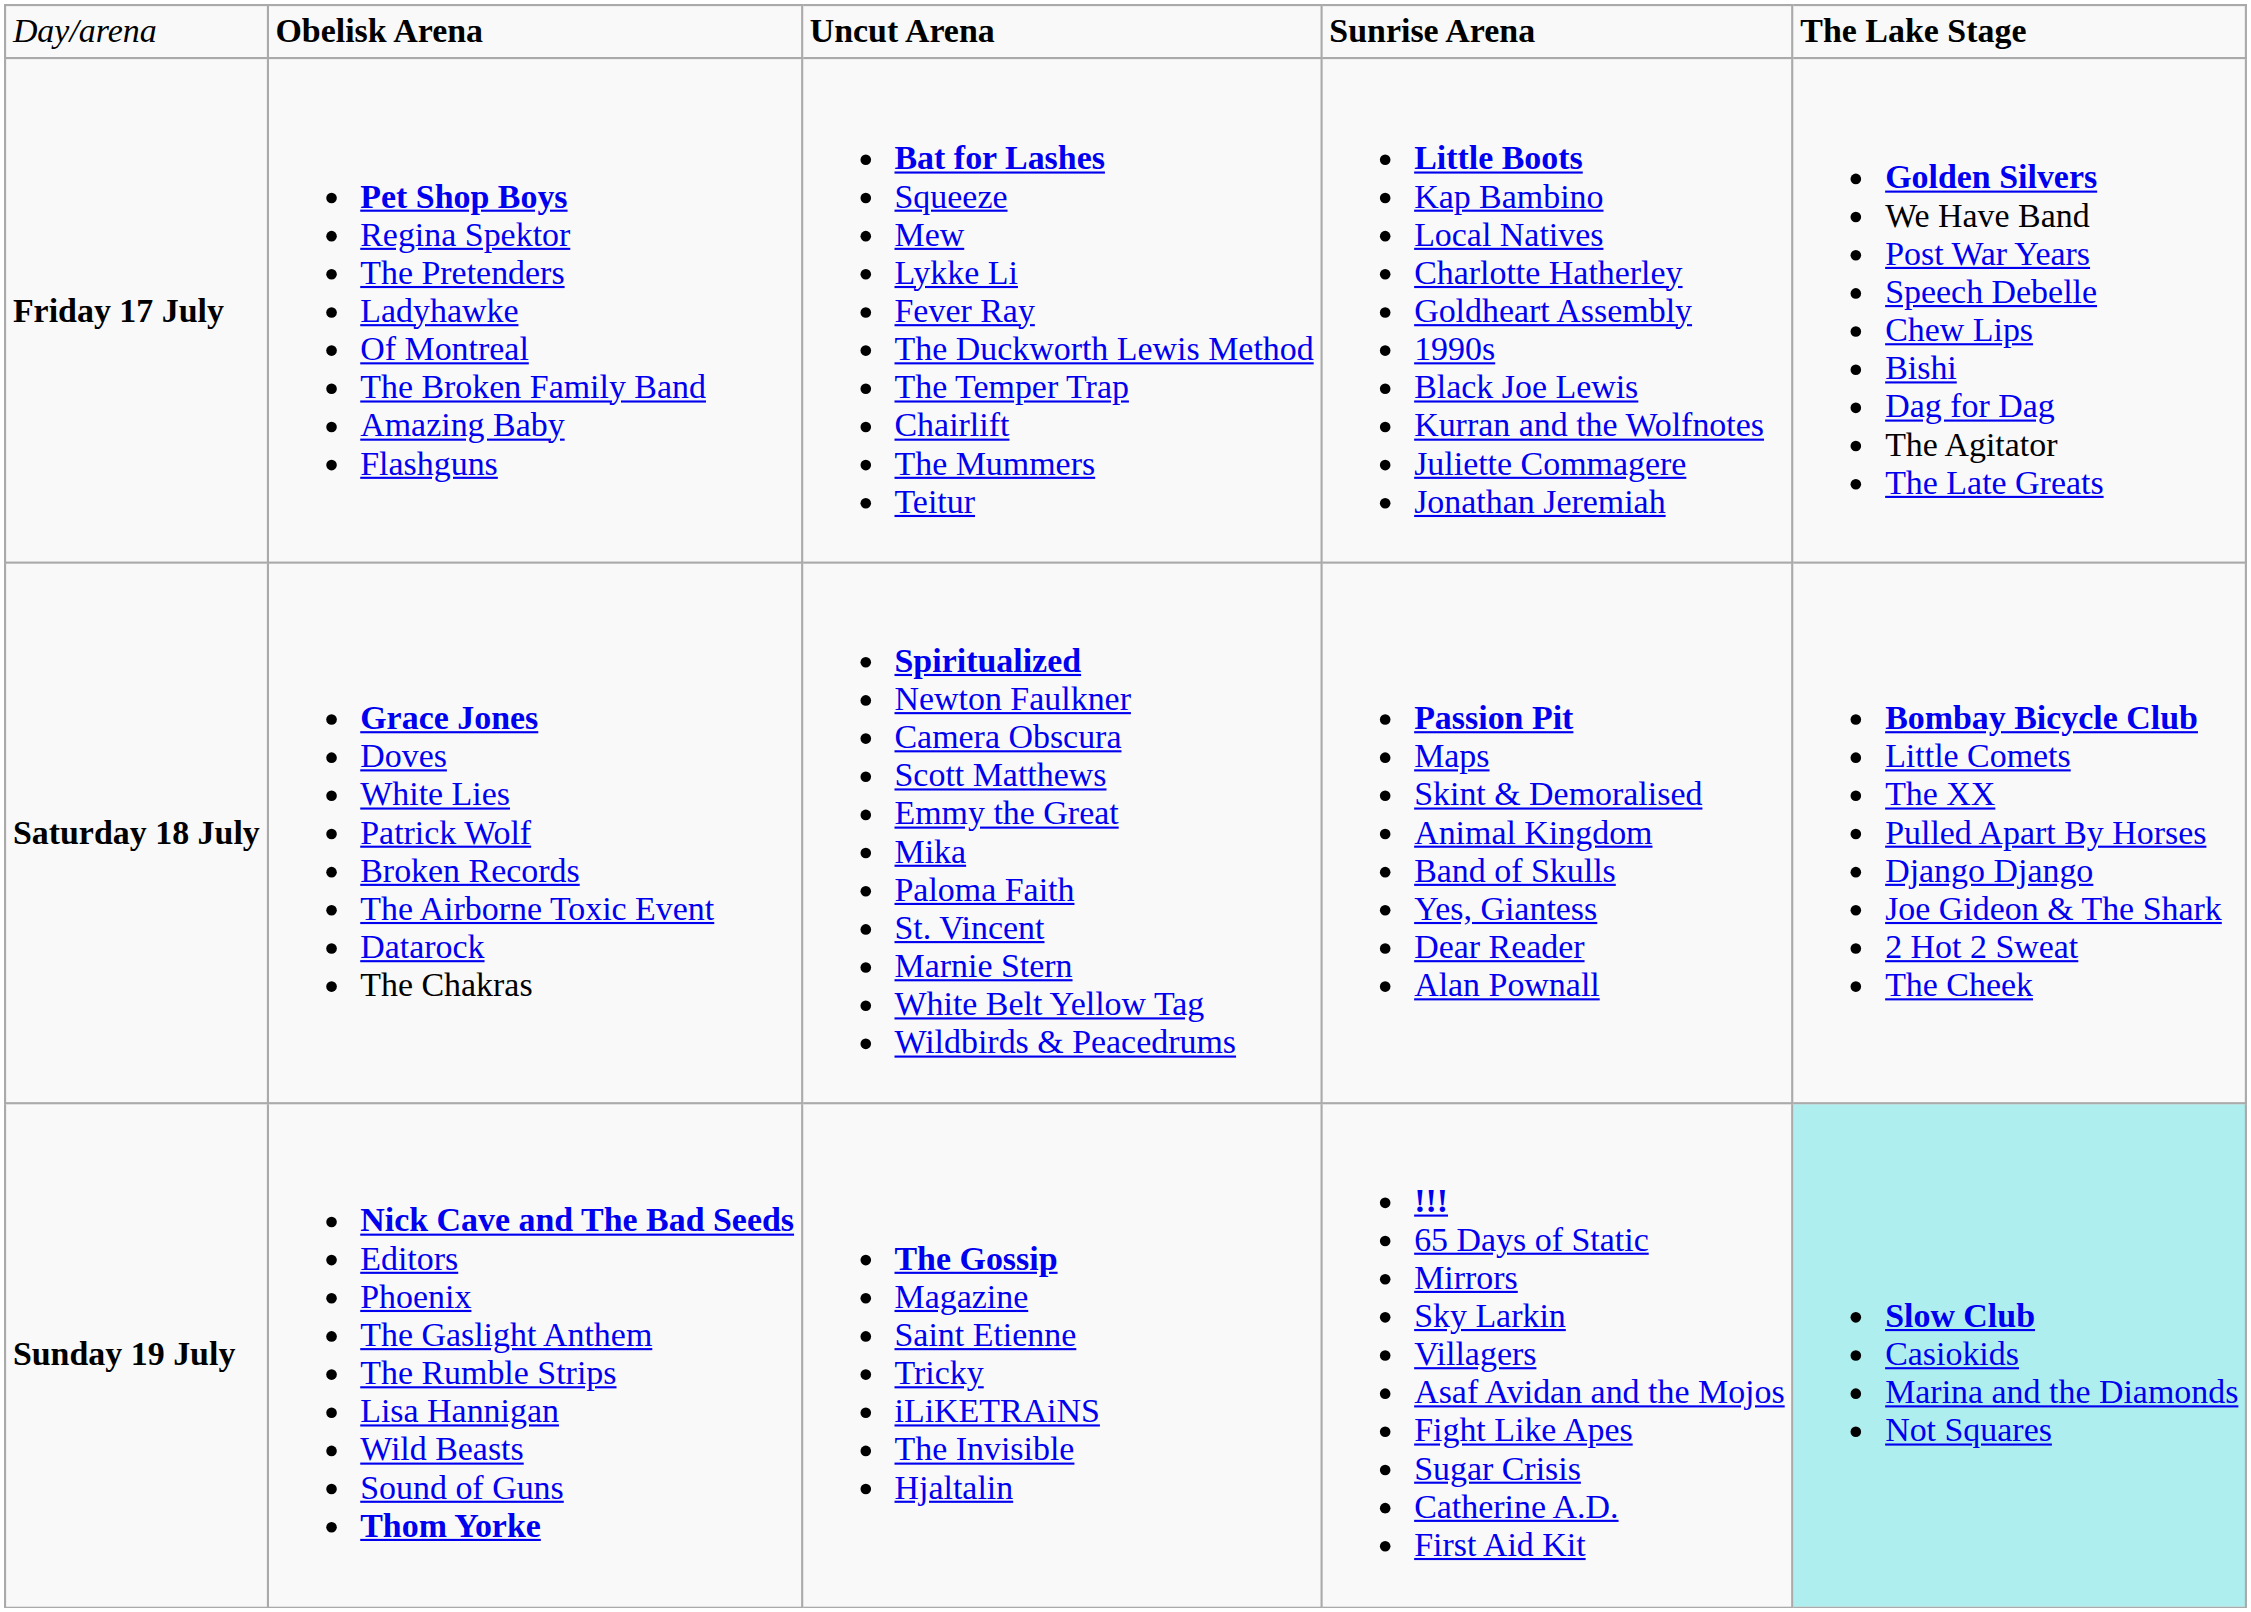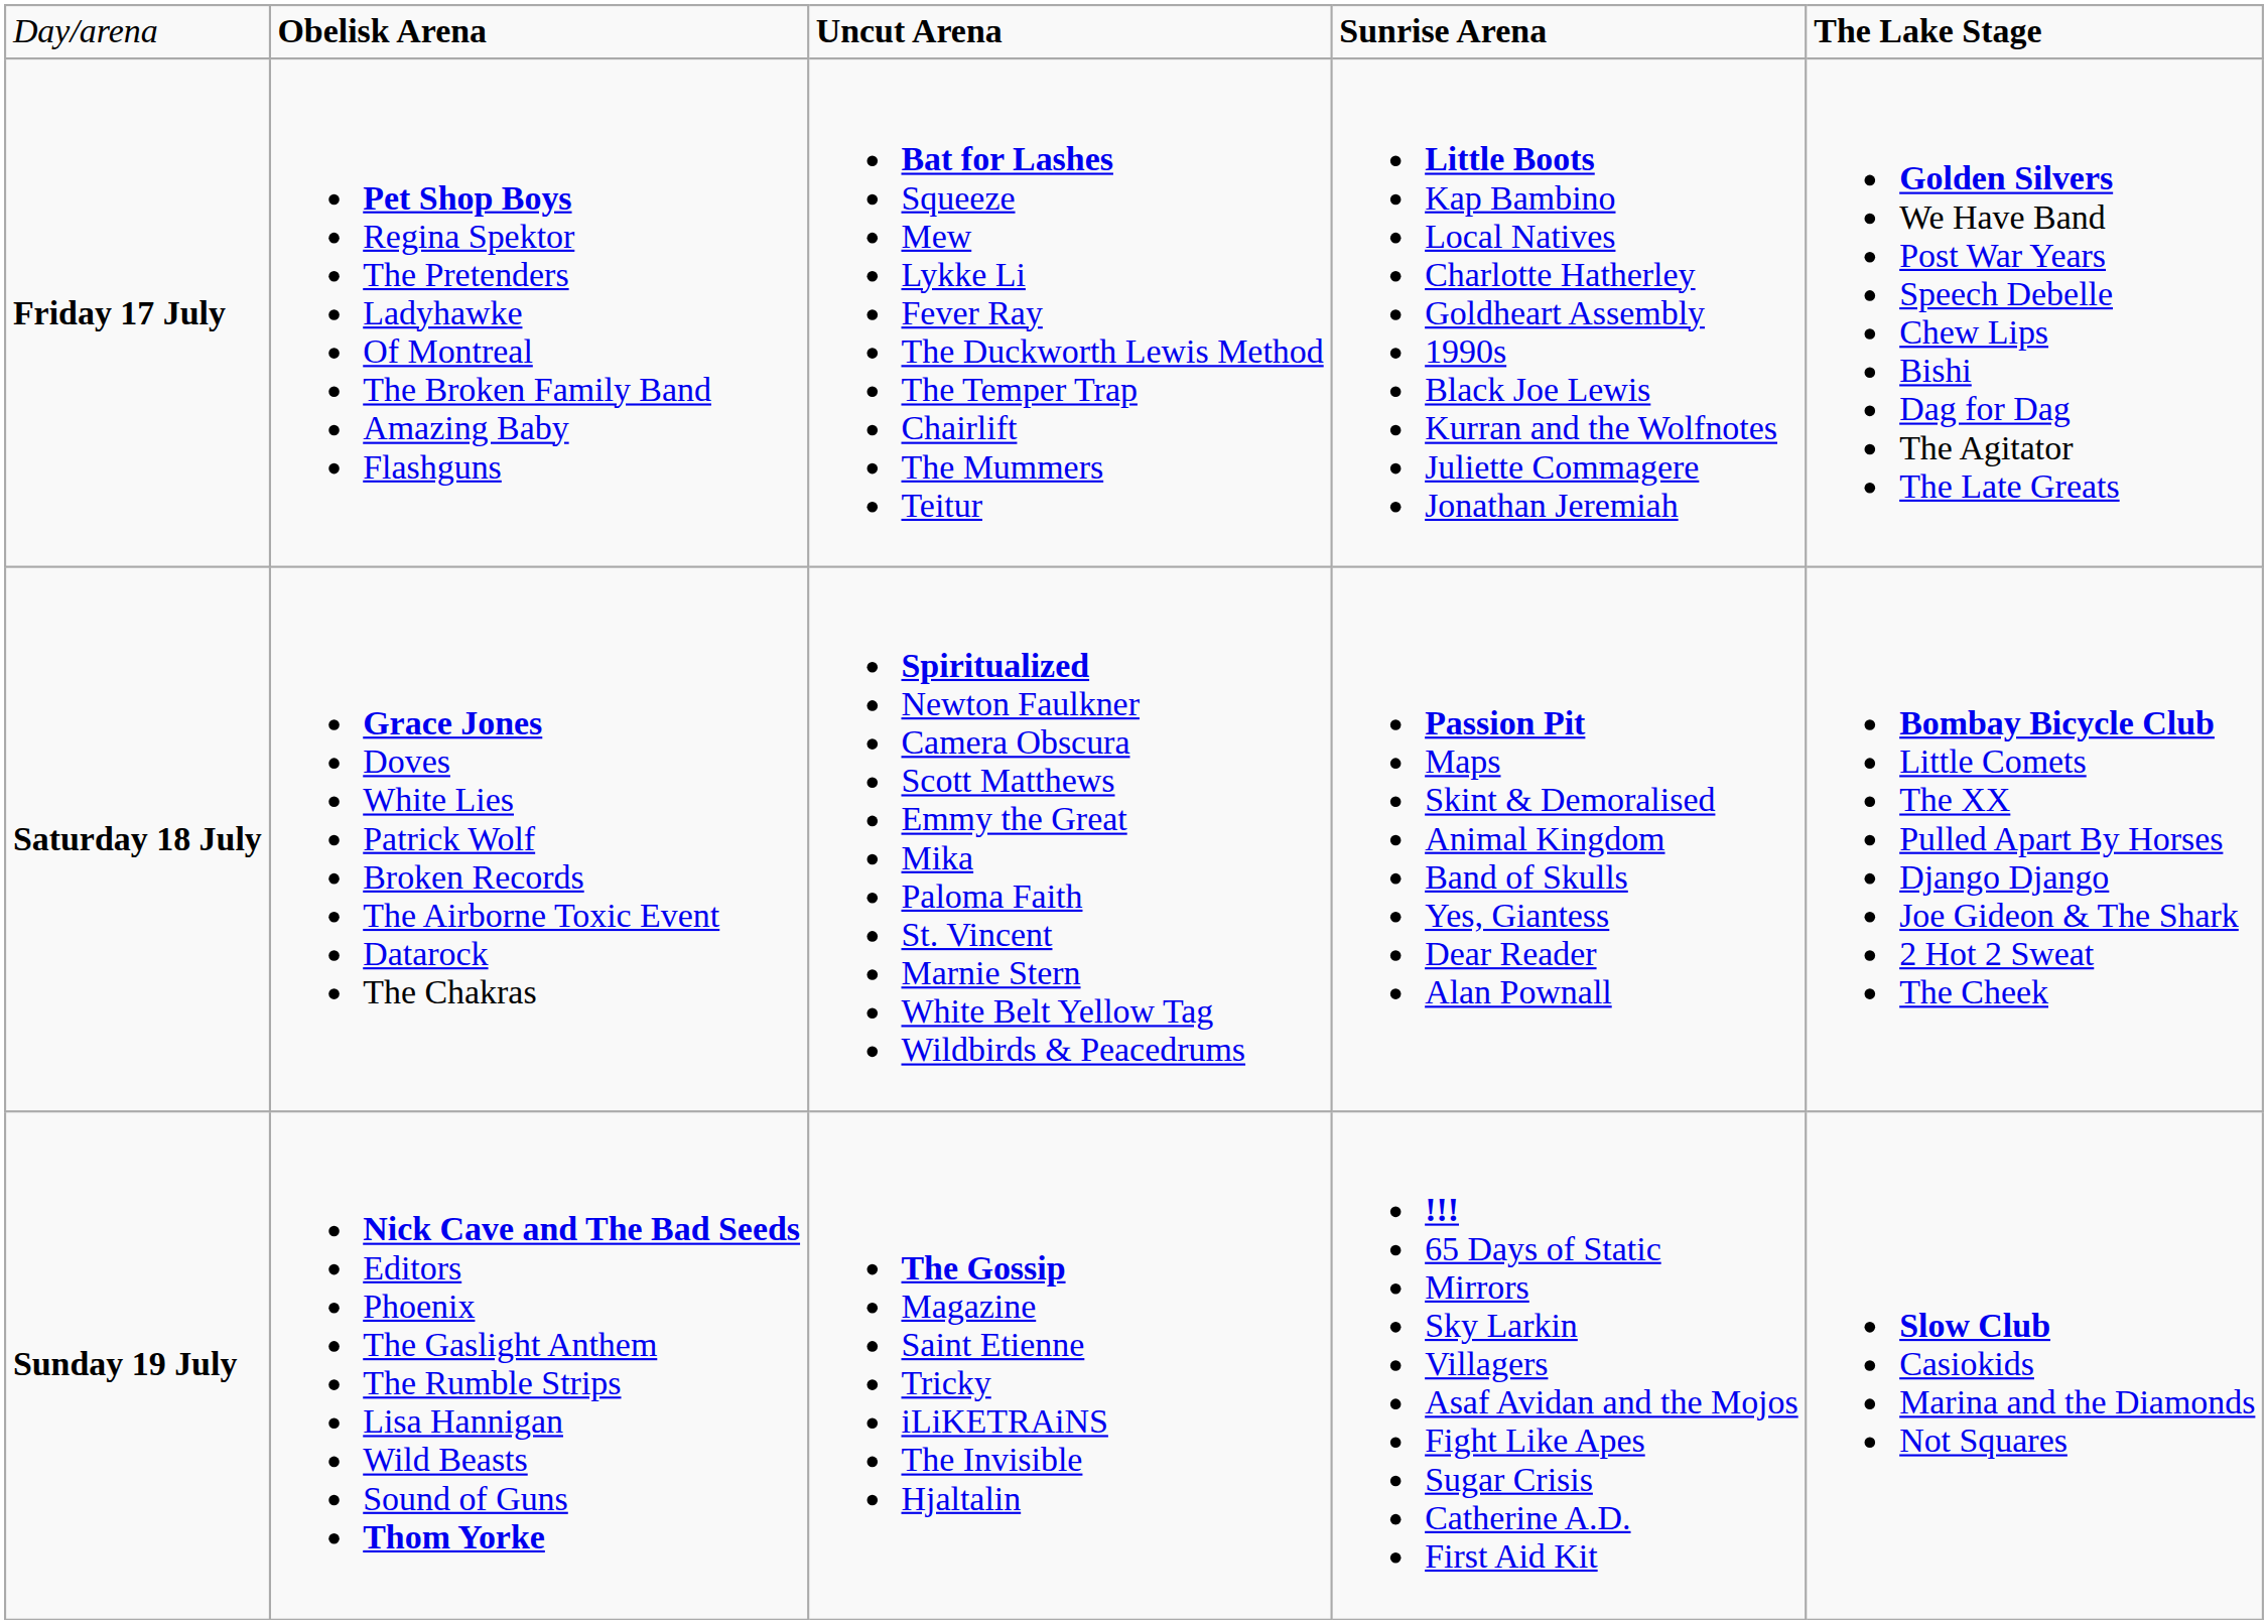 <table class="wikitable">
 <tr>
 <td><em>Day/arena</em></td>
 <td><strong>Obelisk Arena</strong></td>
 <td><strong>Uncut Arena</strong></td>
 <td><strong>Sunrise Arena</strong></td>
 <td><strong>The Lake Stage</strong></td>
 </tr>
 <tr>
 <td><strong>Friday 17 July</strong></td>
 <td><br><ul><li><strong><a href='#'>Pet Shop Boys</a></strong></li><li><a href='#'>Regina Spektor</a></li><li><a href='#'>The Pretenders</a></li><li><a href='#'>Ladyhawke</a></li><li><a href='#'>Of Montreal</a></li><li><a href='#'>The Broken Family Band</a></li><li><a href='#'>Amazing Baby</a></li><li><a href='#'>Flashguns</a></li></ul></td>
 <td><br><ul><li><strong><a href='#'>Bat for Lashes</a></strong></li><li><a href='#'>Squeeze</a></li><li><a href='#'>Mew</a></li><li><a href='#'>Lykke Li</a></li><li><a href='#'>Fever Ray</a></li><li><a href='#'>The Duckworth Lewis Method</a></li><li><a href='#'>The Temper Trap</a></li><li><a href='#'>Chairlift</a></li><li><a href='#'>The Mummers</a></li><li><a href='#'>Teitur</a></li></ul></td>
 <td><br><ul><li><strong><a href='#'>Little Boots</a></strong></li><li><a href='#'>Kap Bambino</a></li><li><a href='#'>Local Natives</a></li><li><a href='#'>Charlotte Hatherley</a></li><li><a href='#'>Goldheart Assembly</a></li><li><a href='#'>1990s</a></li><li><a href='#'>Black Joe Lewis</a></li><li><a href='#'>Kurran and the Wolfnotes</a></li><li><a href='#'>Juliette Commagere</a></li><li><a href='#'>Jonathan Jeremiah</a></li></ul></td>
 <td><br><ul><li><strong><a href='#'>Golden Silvers</a></strong></li><li>We Have Band</li><li><a href='#'>Post War Years</a></li><li><a href='#'>Speech Debelle</a></li><li><a href='#'>Chew Lips</a></li><li><a href='#'>Bishi</a></li><li><a href='#'>Dag for Dag</a></li><li>The Agitator</li><li><a href='#'>The Late Greats</a></li></ul></td>
 </tr>
 <tr>
 <td><strong>Saturday 18 July</strong></td>
 <td><br><ul><li><strong><a href='#'>Grace Jones</a></strong></li><li><a href='#'>Doves</a></li><li><a href='#'>White Lies</a></li><li><a href='#'>Patrick Wolf</a></li><li><a href='#'>Broken Records</a></li><li><a href='#'>The Airborne Toxic Event</a></li><li><a href='#'>Datarock</a></li><li>The Chakras</li></ul></td>
 <td><br><ul><li><strong><a href='#'>Spiritualized</a></strong></li><li><a href='#'>Newton Faulkner</a></li><li><a href='#'>Camera Obscura</a></li><li><a href='#'>Scott Matthews</a></li><li><a href='#'>Emmy the Great</a></li><li><a href='#'>Mika</a></li><li><a href='#'>Paloma Faith</a></li><li><a href='#'>St. Vincent</a></li><li><a href='#'>Marnie Stern</a></li><li><a href='#'>White Belt Yellow Tag</a></li><li><a href='#'>Wildbirds & Peacedrums</a></li></ul></td>
 <td><br><ul><li><strong><a href='#'>Passion Pit</a></strong></li><li><a href='#'>Maps</a></li><li><a href='#'>Skint & Demoralised</a></li><li><a href='#'>Animal Kingdom</a></li><li><a href='#'>Band of Skulls</a></li><li><a href='#'>Yes, Giantess</a></li><li><a href='#'>Dear Reader</a></li><li><a href='#'>Alan Pownall</a></li></ul></td>
 <td><br><ul><li><strong><a href='#'>Bombay Bicycle Club</a></strong></li><li><a href='#'>Little Comets</a></li><li><a href='#'>The XX</a></li><li><a href='#'>Pulled Apart By Horses</a></li><li><a href='#'>Django Django</a></li><li><a href='#'>Joe Gideon & The Shark</a></li><li><a href='#'>2 Hot 2 Sweat</a></li><li><a href='#'>The Cheek</a></li></ul></td>
 </tr>
 <tr>
 <td><strong>Sunday 19 July</strong></td>
 <td><br><ul><li><strong><a href='#'>Nick Cave and The Bad Seeds</a></strong></li><li><a href='#'>Editors</a></li><li><a href='#'>Phoenix</a></li><li><a href='#'>The Gaslight Anthem</a></li><li><a href='#'>The Rumble Strips</a></li><li><a href='#'>Lisa Hannigan</a></li><li><a href='#'>Wild Beasts</a></li><li><a href='#'>Sound of Guns</a></li><li><strong><a href='#'>Thom Yorke</a></strong></li></ul></td>
 <td><br><ul><li><strong><a href='#'>The Gossip</a></strong></li><li><a href='#'>Magazine</a></li><li><a href='#'>Saint Etienne</a></li><li><a href='#'>Tricky</a></li><li><a href='#'>iLiKETRAiNS</a></li><li><a href='#'>The Invisible</a></li><li><a href='#'>Hjaltalin</a></li></ul></td>
 <td><br><ul><li><strong><a href='#'>!!!</a></strong></li><li><a href='#'>65 Days of Static</a></li><li><a href='#'>Mirrors</a></li><li><a href='#'>Sky Larkin</a></li><li><a href='#'>Villagers</a></li><li><a href='#'>Asaf Avidan and the Mojos</a></li><li><a href='#'>Fight Like Apes</a></li><li><a href='#'>Sugar Crisis</a></li><li><a href='#'>Catherine A.D.</a></li><li><a href='#'>First Aid Kit</a></li></ul></td>
-<td style="background: paleturquoise;"><br><ul><li><strong><a href='#'>Slow Club</a></strong></li><li><a href='#'>Casiokids</a></li><li><a href='#'>Marina and the Diamonds</a></li><li><a href='#'>Not Squares</a></li></ul></td>
+<td><br><ul><li><strong><a href='#'>Slow Club</a></strong></li><li><a href='#'>Casiokids</a></li><li><a href='#'>Marina and the Diamonds</a></li><li><a href='#'>Not Squares</a></li></ul></td>
 </tr>
 </table>
